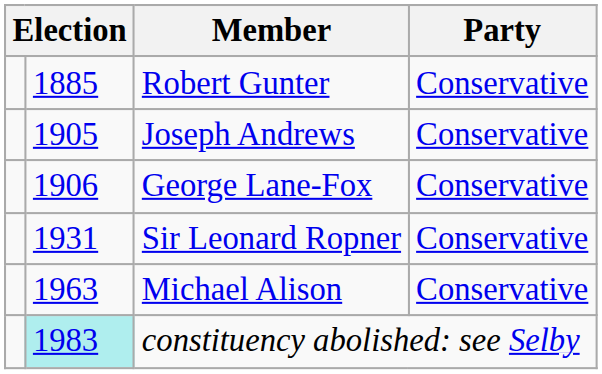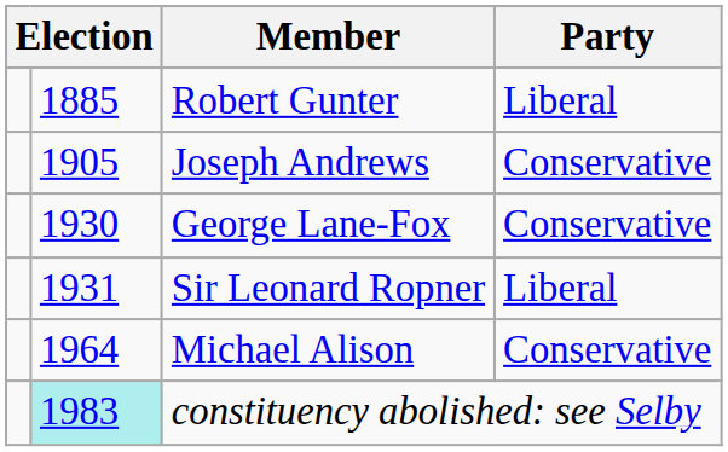 <table class="wikitable">
 <tr>
 <th colspan="2">Election</th>
 <th>Member</th>
 <th>Party</th>
 </tr>
 <tr>
 <td style="color:inherit;background-color: "></td>
 <td><a href='#'>1885</a></td>
 <td><a href='#'>Robert Gunter</a></td>
-<td><a href='#'>Conservative</a></td>
+<td><a href='#'>Liberal</a></td>
 </tr>
 <tr>
 <td style="color:inherit;background-color: "></td>
 <td><a href='#'>1905</a></td>
 <td><a href='#'>Joseph Andrews</a></td>
 <td><a href='#'>Conservative</a></td>
 </tr>
 <tr>
 <td style="color:inherit;background-color: "></td>
-<td><a href='#'>1906</a></td>
+<td><a href='#'>1930</a></td>
 <td><a href='#'>George Lane-Fox</a></td>
 <td><a href='#'>Conservative</a></td>
 </tr>
 <tr>
 <td style="color:inherit;background-color: "></td>
 <td><a href='#'>1931</a></td>
 <td><a href='#'>Sir Leonard Ropner</a></td>
-<td><a href='#'>Conservative</a></td>
+<td><a href='#'>Liberal</a></td>
 </tr>
 <tr>
 <td style="color:inherit;background-color: "></td>
-<td><a href='#'>1963</a></td>
+<td><a href='#'>1964</a></td>
 <td><a href='#'>Michael Alison</a></td>
 <td><a href='#'>Conservative</a></td>
 </tr>
 <tr>
 <td></td>
 <td style="background: paleturquoise;"><a href='#'>1983</a></td>
 <td colspan="2"><em>constituency abolished: see <a href='#'>Selby</a></em></td>
 </tr>
 </table>
